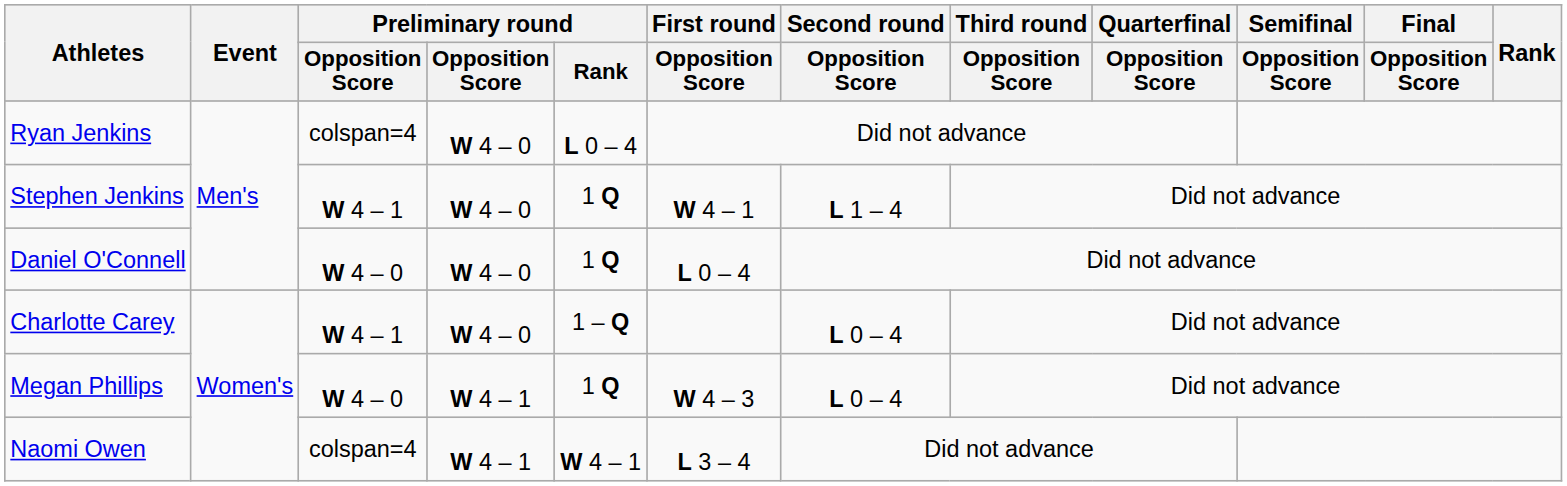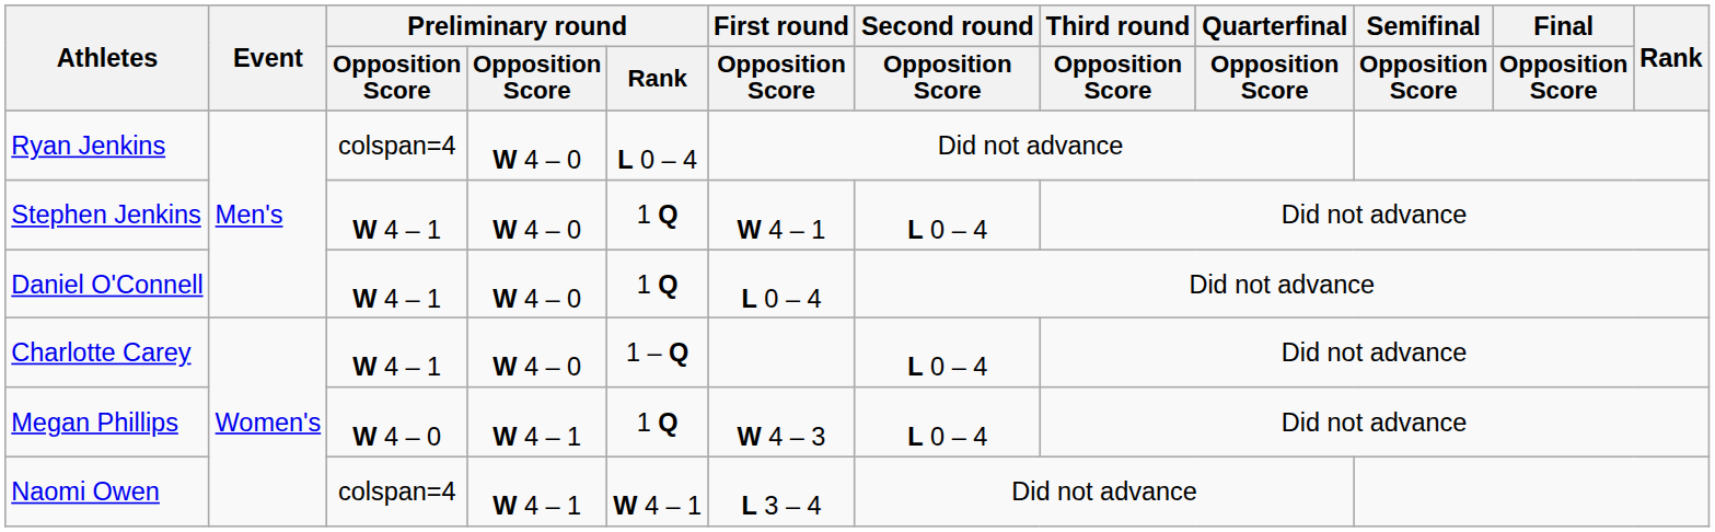 <table class="wikitable" style="font-size:90%">
 <tr>
 <th rowspan=2>Athletes</th>
 <th rowspan=2>Event</th>
 <th colspan=3>Preliminary round</th>
 <th>First round</th>
 <th>Second round</th>
 <th>Third round</th>
 <th>Quarterfinal</th>
 <th>Semifinal</th>
 <th>Final</th>
 <th rowspan=2>Rank</th>
 </tr>
 <tr style="font-size:95%">
 <th>Opposition<br>Score</th>
 <th>Opposition<br>Score</th>
 <th>Rank</th>
 <th>Opposition<br>Score</th>
 <th>Opposition<br>Score</th>
 <th>Opposition<br>Score</th>
 <th>Opposition<br>Score</th>
 <th>Opposition<br>Score</th>
 <th>Opposition<br>Score</th>
 </tr>
 <tr align=center>
 <td align=left><a href='#'>Ryan Jenkins</a></td>
 <td align=left rowspan=3><a href='#'>Men's</a></td>
 <td>colspan=4 </td>
 <td><br><strong>W</strong> 4 – 0</td>
 <td><br><strong>L</strong> 0 – 4</td>
 <td colspan=4>Did not advance</td>
 </tr>
 <tr align=center>
 <td align=left><a href='#'>Stephen Jenkins</a></td>
 <td><br><strong>W</strong> 4 – 1</td>
 <td><br><strong>W</strong> 4 – 0</td>
 <td>1 <strong>Q</strong></td>
 <td><br><strong>W</strong> 4 – 1</td>
-<td><br><strong>L</strong> 1 – 4</td>
+<td><br><strong>L</strong> 0 – 4</td>
 <td colspan=5>Did not advance</td>
 </tr>
 <tr align=center>
 <td align=left><a href='#'>Daniel O'Connell</a></td>
-<td><br><strong>W</strong> 4 – 0</td>
+<td><br><strong>W</strong> 4 – 1</td>
 <td><br><strong>W</strong> 4 – 0</td>
 <td>1 <strong>Q</strong></td>
 <td><br><strong>L</strong> 0 – 4</td>
 <td colspan=6>Did not advance</td>
 </tr>
 <tr align=center>
 <td align=left><a href='#'>Charlotte Carey</a></td>
 <td align=left rowspan=3><a href='#'>Women's</a></td>
 <td><br><strong>W</strong> 4 – 1</td>
 <td><br><strong>W</strong> 4 – 0</td>
 <td>1 – <strong>Q</strong></td>
 <td></td>
 <td><br><strong>L</strong> 0 – 4</td>
 <td colspan=5>Did not advance</td>
 </tr>
 <tr align=center>
 <td align=left><a href='#'>Megan Phillips</a></td>
 <td><br><strong>W</strong> 4 – 0</td>
 <td><br><strong>W</strong> 4 – 1</td>
 <td>1 <strong>Q</strong></td>
 <td><br><strong>W</strong> 4 – 3</td>
 <td><br><strong>L</strong> 0 – 4</td>
 <td colspan=5>Did not advance</td>
 </tr>
 <tr align=center>
 <td align=left><a href='#'>Naomi Owen</a></td>
 <td>colspan=4 </td>
 <td><br><strong>W</strong> 4 – 1</td>
 <td><br><strong>W</strong> 4 – 1</td>
 <td><br><strong>L</strong> 3 – 4</td>
 <td colspan=3>Did not advance</td>
 </tr>
 </table>
